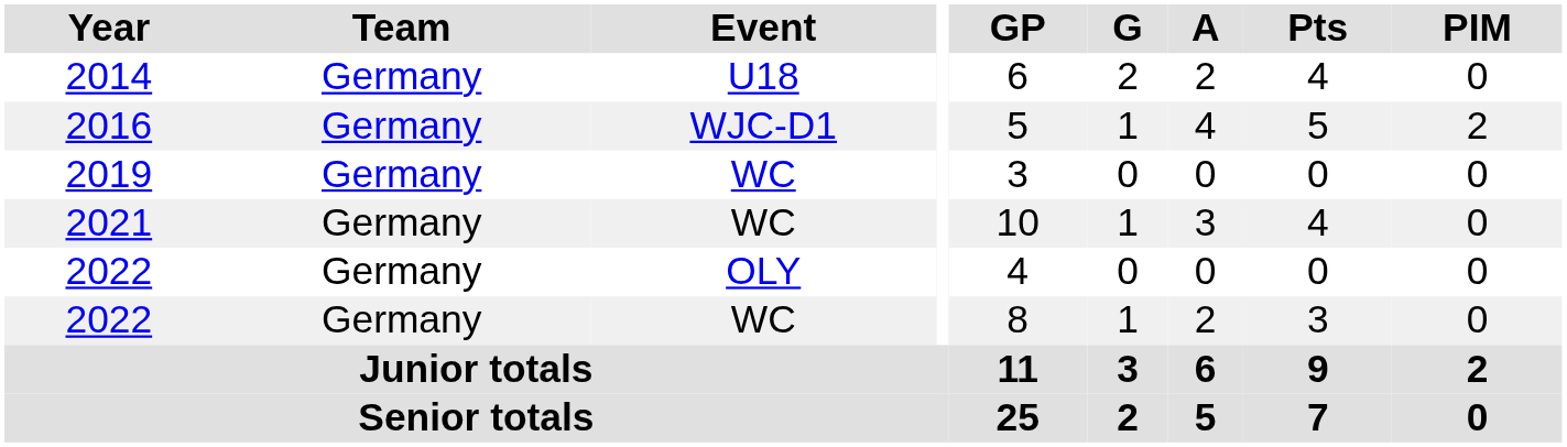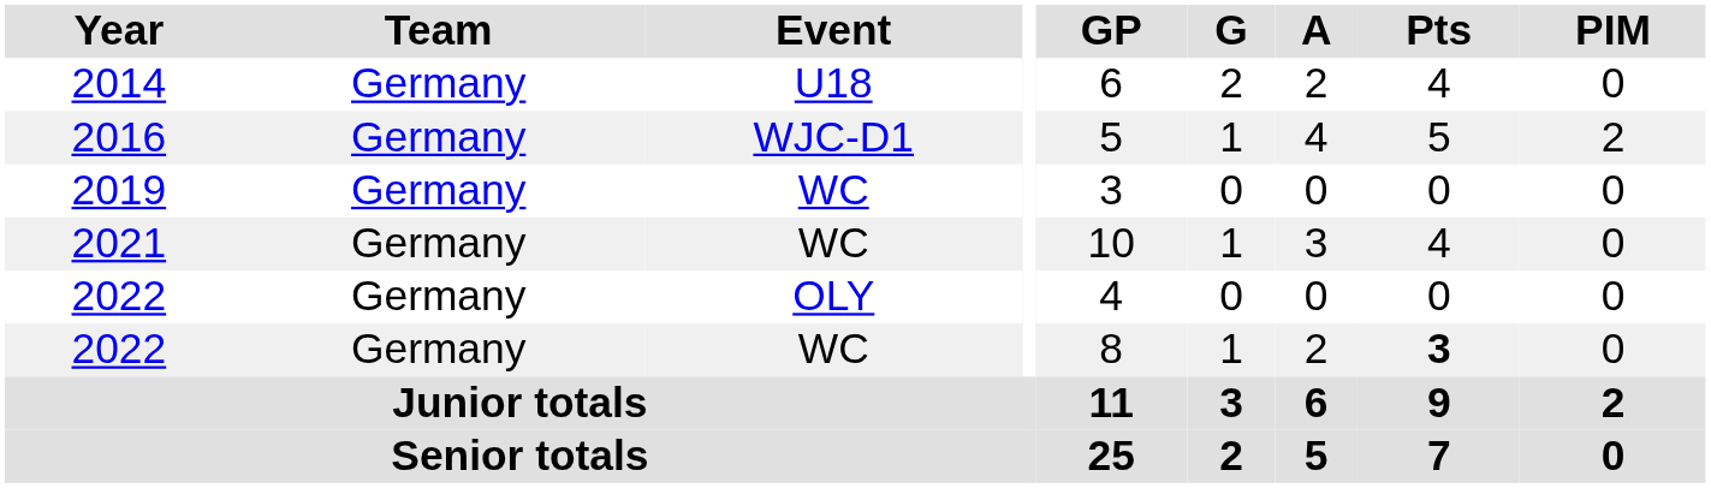 <table border="0" cellpadding="1" cellspacing="0" ID="Table3" style="text-align:center; width:40em">
 <tr bgcolor="#e0e0e0">
 <th>Year</th>
 <th>Team</th>
 <th>Event</th>
 <th rowspan="102" bgcolor="#ffffff"></th>
 <th>GP</th>
 <th>G</th>
 <th>A</th>
 <th>Pts</th>
 <th>PIM</th>
 </tr>
 <tr>
 <td><a href='#'>2014</a></td>
 <td><a href='#'>Germany</a></td>
 <td><a href='#'>U18</a></td>
 <td>6</td>
 <td>2</td>
 <td>2</td>
 <td>4</td>
 <td>0</td>
 </tr>
 <tr bgcolor="#f0f0f0">
 <td><a href='#'>2016</a></td>
 <td><a href='#'>Germany</a></td>
 <td><a href='#'>WJC-D1</a></td>
 <td>5</td>
 <td>1</td>
 <td>4</td>
 <td>5</td>
 <td>2</td>
 </tr>
 <tr>
 <td><a href='#'>2019</a></td>
 <td><a href='#'>Germany</a></td>
 <td><a href='#'>WC</a></td>
 <td>3</td>
 <td>0</td>
 <td>0</td>
 <td>0</td>
 <td>0</td>
 </tr>
 <tr bgcolor="#f0f0f0">
 <td><a href='#'>2021</a></td>
 <td>Germany</td>
 <td>WC</td>
 <td>10</td>
 <td>1</td>
 <td>3</td>
 <td>4</td>
 <td>0</td>
 </tr>
 <tr>
 <td><a href='#'>2022</a></td>
 <td>Germany</td>
 <td><a href='#'>OLY</a></td>
 <td>4</td>
 <td>0</td>
 <td>0</td>
 <td>0</td>
 <td>0</td>
 </tr>
 <tr bgcolor="#f0f0f0">
 <td><a href='#'>2022</a></td>
 <td>Germany</td>
 <td>WC</td>
 <td>8</td>
 <td>1</td>
 <td>2</td>
-<td>3</td>
+<td><strong>3</strong></td>
 <td>0</td>
 </tr>
 <tr bgcolor="#e0e0e0">
 <th colspan="4">Junior totals</th>
 <th>11</th>
 <th>3</th>
 <th>6</th>
 <th>9</th>
 <th>2</th>
 </tr>
 <tr bgcolor="#e0e0e0">
 <th colspan="4">Senior totals</th>
 <th>25</th>
 <th>2</th>
 <th>5</th>
 <th>7</th>
 <th>0</th>
 </tr>
 </table>
